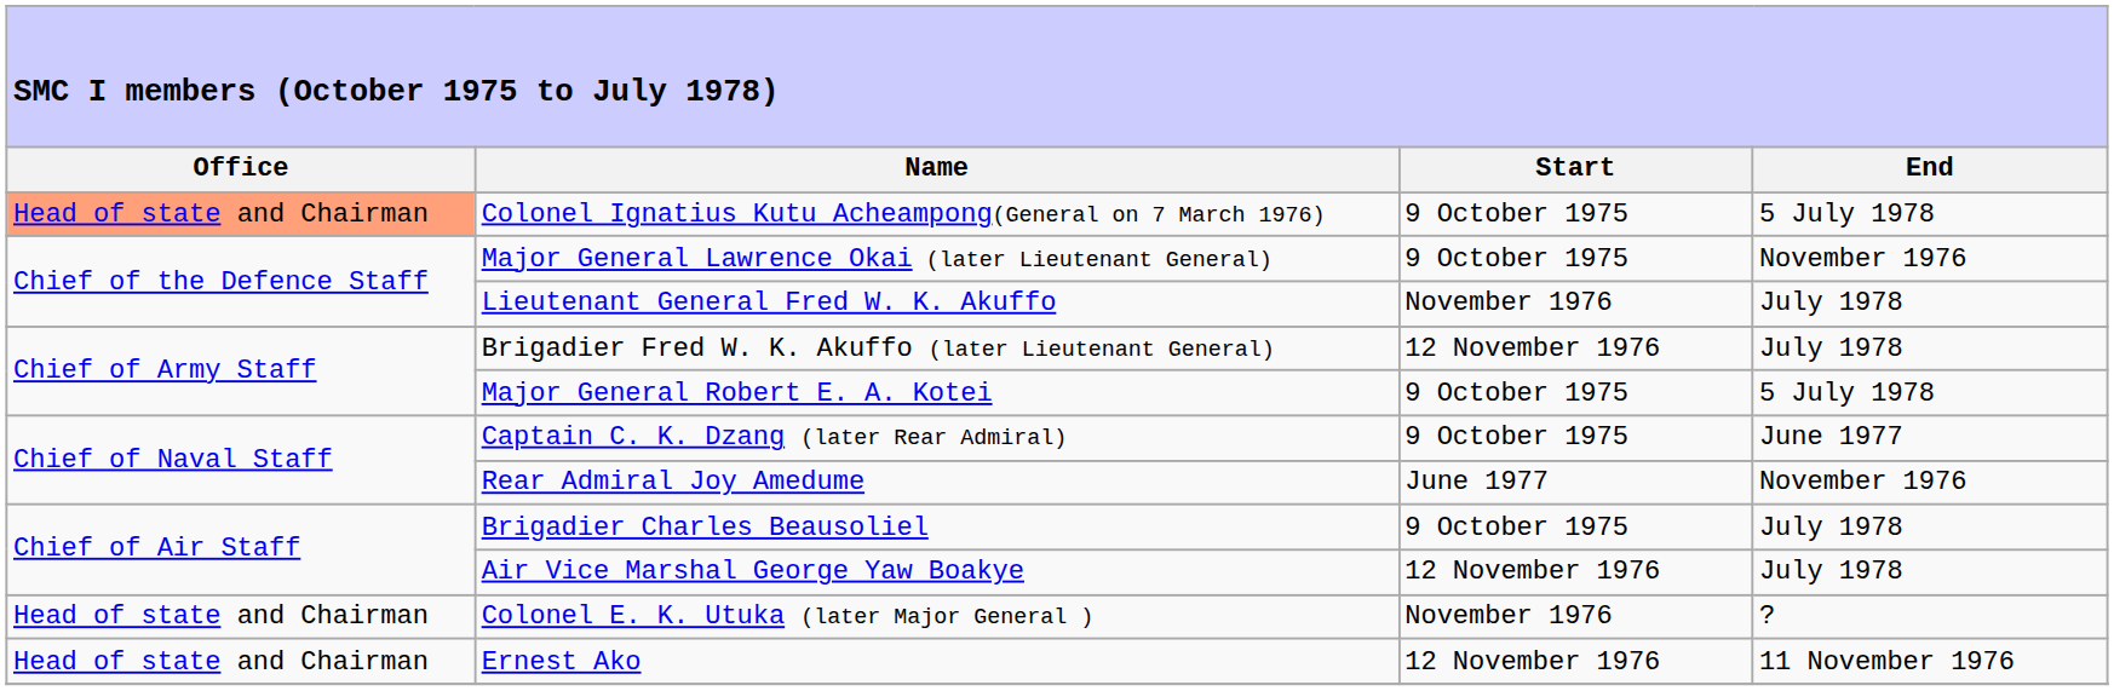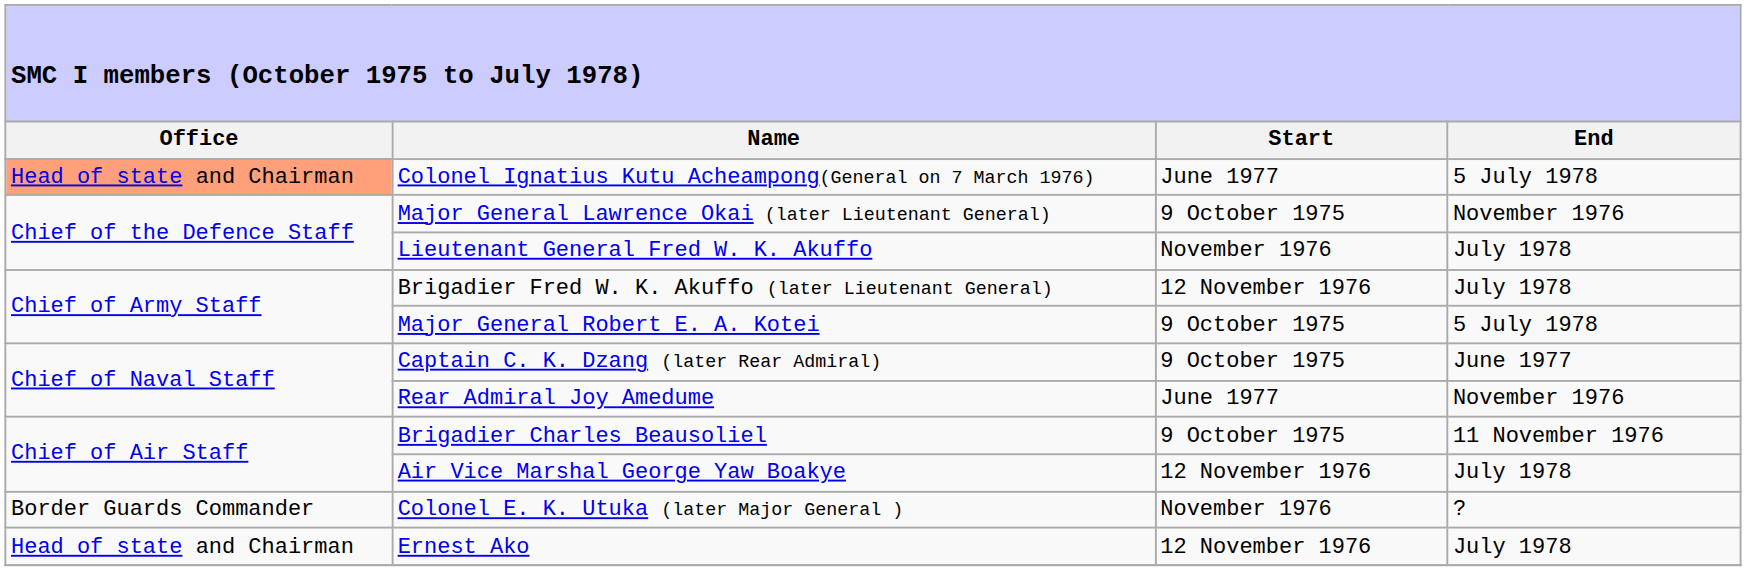 <table class="wikitable" style="font-size:90%; text-align:left; margin:1em auto;">
 <tr>
 <td colspan=6 bgcolor=ccccff><br><h3>SMC I members (October 1975 to July 1978)</h3></td>
 </tr>
 <tr>
 <th width=200>Office</th>
 <th width=400>Name</th>
 <th width=150>Start</th>
 <th width=150>End</th>
 </tr>
 <tr>
 <td style="background: lightsalmon;"><a href='#'>Head of state</a> and Chairman</td>
 <td><a href='#'>Colonel Ignatius Kutu Acheampong</a><small>(General on 7 March 1976)</small></td>
-<td>9 October 1975</td>
+<td>June 1977</td>
 <td>5 July 1978</td>
 </tr>
 <tr>
 <td rowspan=2><a href='#'>Chief of the Defence Staff</a></td>
 <td><a href='#'>Major General Lawrence Okai</a><small> (later Lieutenant General)</small></td>
 <td>9 October 1975</td>
 <td>November 1976</td>
 </tr>
 <tr>
 <td><a href='#'>Lieutenant General Fred W. K. Akuffo</a></td>
 <td>November 1976</td>
 <td>July 1978</td>
 </tr>
 <tr>
 <td rowspan=2><a href='#'>Chief of Army Staff</a></td>
 <td>Brigadier Fred W. K. Akuffo <small>(later Lieutenant General)</small></td>
 <td>12 November 1976</td>
 <td>July 1978</td>
 </tr>
 <tr>
 <td><a href='#'>Major General Robert E. A. Kotei</a></td>
 <td>9 October 1975</td>
 <td>5 July 1978</td>
 </tr>
 <tr>
 <td rowspan=2><a href='#'>Chief of Naval Staff</a></td>
 <td><a href='#'>Captain C. K. Dzang</a> <small>(later Rear Admiral)</small></td>
 <td>9 October 1975</td>
 <td>June 1977</td>
 </tr>
 <tr>
 <td><a href='#'>Rear Admiral Joy Amedume</a></td>
 <td>June 1977</td>
 <td>November 1976</td>
 </tr>
 <tr>
 <td rowspan=2><a href='#'>Chief of Air Staff</a></td>
 <td><a href='#'>Brigadier Charles Beausoliel</a></td>
 <td>9 October 1975</td>
-<td>July 1978</td>
+<td>11 November 1976</td>
 </tr>
 <tr>
 <td><a href='#'>Air Vice Marshal George Yaw Boakye</a></td>
 <td>12 November 1976</td>
 <td>July 1978</td>
 </tr>
 <tr>
-<td><a href='#'>Head of state</a> and Chairman</td>
+<td>Border Guards Commander</td>
 <td><a href='#'>Colonel E. K. Utuka</a> <small>(later Major General )</small></td>
 <td>November 1976</td>
 <td>?</td>
 </tr>
 <tr>
 <td><a href='#'>Head of state</a> and Chairman</td>
 <td><a href='#'>Ernest Ako</a></td>
 <td>12 November 1976</td>
-<td>11 November 1976</td>
+<td>July 1978</td>
 </tr>
 <tr>
 </tr>
 </table>
